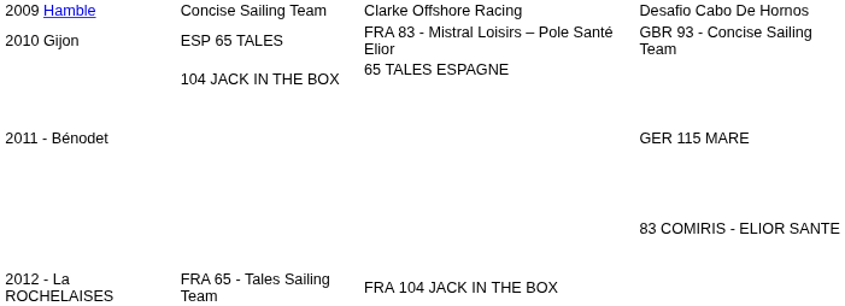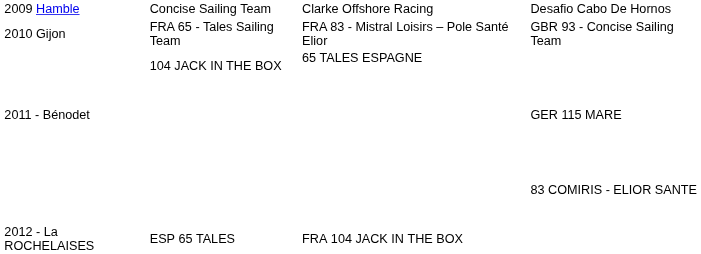 <table>
 <tr>
 <td>2009 <a href='#'>Hamble</a></td>
 <td>Concise Sailing Team<br></td>
 <td>Clarke Offshore Racing<br></td>
 <td>Desafio Cabo De Hornos<br></td>
 </tr>
 <tr>
 <td>2010 Gijon</td>
-<td>ESP 65	TALES </td>
+<td>FRA 65 - Tales Sailing Team<br></td>
 <td>FRA 83 - Mistral Loisirs – Pole Santé Elior<br></td>
 <td>GBR 93 - Concise Sailing Team<br></td>
 </tr>
 <tr>
 <td>2011 - Bénodet</td>
 <td>104	JACK IN THE BOX<br><br><br> <br> <br>  <br> <br> <br></td>
 <td>65	TALES ESPAGNE <br><br><br> <br> <br> <br> <br> <br> <br></td>
 <td>GER 115 MARE </td>
 </tr>
 <tr>
 <td>2012 - La ROCHELAISES</td>
-<td>FRA 65 - Tales Sailing Team<br></td>
+<td>ESP 65	TALES </td>
 <td>FRA 104 JACK IN THE BOX </td>
 <td>83	COMIRIS - ELIOR SANTE <br><br><br> <br> <br> <br> <br> <br></td>
 </tr>
 </table>
